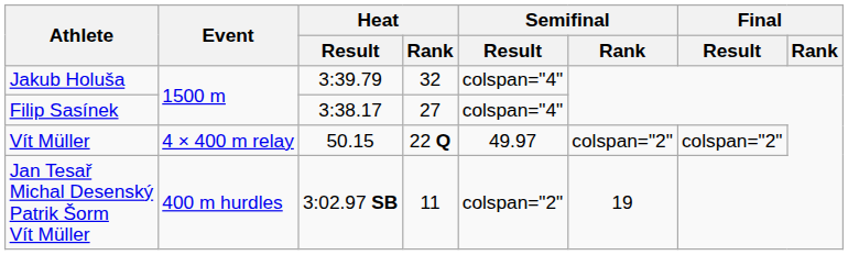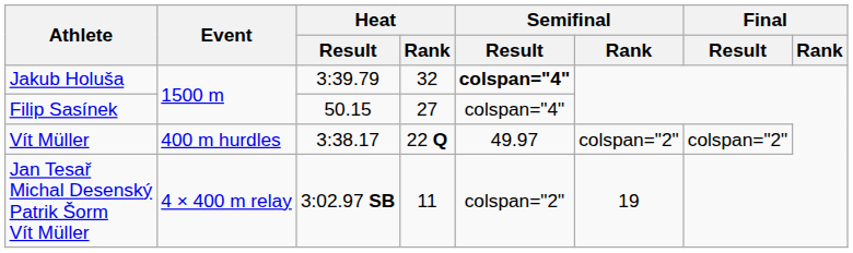 <table class="wikitable" style="font-size:90%">
 <tr>
 <th rowspan="2">Athlete</th>
 <th rowspan="2">Event</th>
 <th colspan="2">Heat</th>
 <th colspan="2">Semifinal</th>
 <th colspan="2">Final</th>
 </tr>
 <tr>
 <th>Result</th>
 <th>Rank</th>
 <th>Result</th>
 <th>Rank</th>
 <th>Result</th>
 <th>Rank</th>
 </tr>
 <tr style=text-align:center>
 <td style=text-align:left><a href='#'>Jakub Holuša</a></td>
 <td style=text-align:left rowspan="2"><a href='#'>1500 m</a></td>
 <td>3:39.79</td>
 <td>32</td>
-<td>colspan="4" </td>
+<td><strong>colspan="4" </strong></td>
 </tr>
 <tr style=text-align:center>
 <td style=text-align:left><a href='#'>Filip Sasínek</a></td>
-<td>3:38.17</td>
+<td>50.15</td>
 <td>27</td>
 <td>colspan="4" </td>
 </tr>
 <tr style=text-align:center>
 <td style=text-align:left><a href='#'>Vít Müller</a></td>
-<td style=text-align:left><a href='#'>4 × 400 m relay</a></td>
-<td>50.15</td>
+<td style=text-align:left><a href='#'>400 m hurdles</a></td>
+<td>3:38.17</td>
 <td>22 <strong>Q</strong></td>
 <td>49.97</td>
 <td>colspan="2" </td>
 <td>colspan="2" </td>
 </tr>
 <tr style=text-align:center>
 <td style=text-align:left><a href='#'>Jan Tesař</a><br><a href='#'>Michal Desenský</a><br><a href='#'>Patrik Šorm</a><br><a href='#'>Vít Müller</a></td>
-<td style=text-align:left><a href='#'>400 m hurdles</a></td>
+<td style=text-align:left><a href='#'>4 × 400 m relay</a></td>
 <td>3:02.97 <strong>SB</strong></td>
 <td>11</td>
 <td>colspan="2" </td>
 <td>19</td>
 </tr>
 </table>
